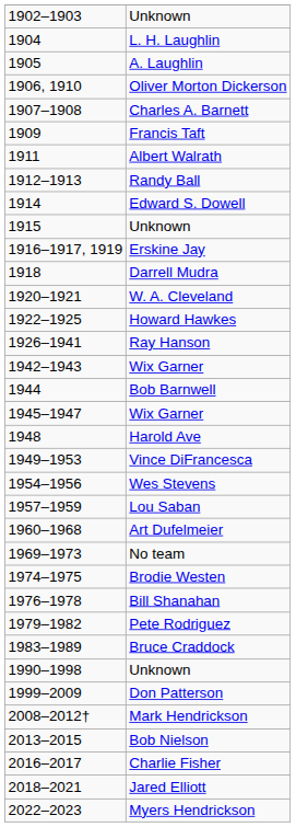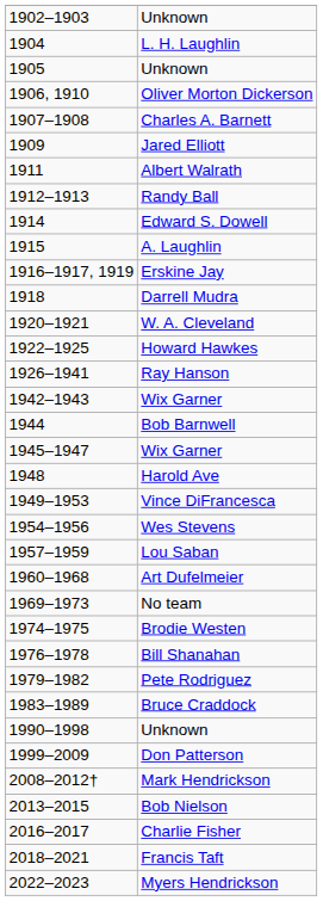 <table class="wikitable">
 <tr>
 </tr>
 <tr>
 <td>1902–1903</td>
 <td>Unknown</td>
 </tr>
 <tr>
 <td>1904</td>
 <td><a href='#'>L. H. Laughlin</a></td>
 </tr>
 <tr>
 <td>1905</td>
-<td><a href='#'>A. Laughlin</a></td>
+<td>Unknown</td>
 </tr>
 <tr>
 <td>1906, 1910</td>
 <td><a href='#'>Oliver Morton Dickerson</a></td>
 </tr>
 <tr>
 <td>1907–1908</td>
 <td><a href='#'>Charles A. Barnett</a></td>
 </tr>
 <tr>
 <td>1909</td>
-<td><a href='#'>Francis Taft</a></td>
+<td><a href='#'>Jared Elliott</a></td>
 </tr>
 <tr>
 <td>1911</td>
 <td><a href='#'>Albert Walrath</a></td>
 </tr>
 <tr>
 <td>1912–1913</td>
 <td><a href='#'>Randy Ball</a></td>
 </tr>
 <tr>
 <td>1914</td>
 <td><a href='#'>Edward S. Dowell</a></td>
 </tr>
 <tr>
 <td>1915</td>
-<td>Unknown</td>
+<td><a href='#'>A. Laughlin</a></td>
 </tr>
 <tr>
 <td>1916–1917, 1919</td>
 <td><a href='#'>Erskine Jay</a></td>
 </tr>
 <tr>
 <td>1918</td>
 <td><a href='#'>Darrell Mudra</a></td>
 </tr>
 <tr>
 <td>1920–1921</td>
 <td><a href='#'>W. A. Cleveland</a></td>
 </tr>
 <tr>
 <td>1922–1925</td>
 <td><a href='#'>Howard Hawkes</a></td>
 </tr>
 <tr>
 <td>1926–1941</td>
 <td><a href='#'>Ray Hanson</a></td>
 </tr>
 <tr>
 <td>1942–1943</td>
 <td><a href='#'>Wix Garner</a></td>
 </tr>
 <tr>
 <td>1944</td>
 <td><a href='#'>Bob Barnwell</a></td>
 </tr>
 <tr>
 <td>1945–1947</td>
 <td><a href='#'>Wix Garner</a></td>
 </tr>
 <tr>
 <td>1948</td>
 <td><a href='#'>Harold Ave</a></td>
 </tr>
 <tr>
 <td>1949–1953</td>
 <td><a href='#'>Vince DiFrancesca</a></td>
 </tr>
 <tr>
 <td>1954–1956</td>
 <td><a href='#'>Wes Stevens</a></td>
 </tr>
 <tr>
 <td>1957–1959</td>
 <td><a href='#'>Lou Saban</a></td>
 </tr>
 <tr>
 <td>1960–1968</td>
 <td><a href='#'>Art Dufelmeier</a></td>
 </tr>
 <tr>
 <td>1969–1973</td>
 <td>No team</td>
 </tr>
 <tr>
 <td>1974–1975</td>
 <td><a href='#'>Brodie Westen</a></td>
 </tr>
 <tr>
 <td>1976–1978</td>
 <td><a href='#'>Bill Shanahan</a></td>
 </tr>
 <tr>
 <td>1979–1982</td>
 <td><a href='#'>Pete Rodriguez</a></td>
 </tr>
 <tr>
 <td>1983–1989</td>
 <td><a href='#'>Bruce Craddock</a></td>
 </tr>
 <tr>
 <td>1990–1998</td>
 <td>Unknown</td>
 </tr>
 <tr>
 <td>1999–2009</td>
 <td><a href='#'>Don Patterson</a></td>
 </tr>
 <tr>
 <td>2008–2012†</td>
 <td><a href='#'>Mark Hendrickson</a></td>
 </tr>
 <tr>
 <td>2013–2015</td>
 <td><a href='#'>Bob Nielson</a></td>
 </tr>
 <tr>
 <td>2016–2017</td>
 <td><a href='#'>Charlie Fisher</a></td>
 </tr>
 <tr>
 <td>2018–2021</td>
-<td><a href='#'>Jared Elliott</a></td>
+<td><a href='#'>Francis Taft</a></td>
 </tr>
 <tr>
 <td>2022–2023</td>
 <td><a href='#'>Myers Hendrickson</a></td>
 </tr>
 </table>
